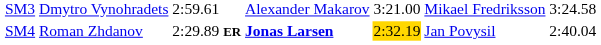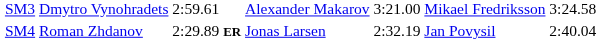 <table>
 <tr>
 <td><a href='#'>SM3</a></td>
 <td><a href='#'>Dmytro Vynohradets</a><br></td>
 <td>2:59.61</td>
 <td><a href='#'>Alexander Makarov</a><br></td>
 <td>3:21.00</td>
 <td><a href='#'>Mikael Fredriksson</a><br></td>
 <td>3:24.58</td>
 </tr>
 <tr>
 <td><a href='#'>SM4</a></td>
 <td><a href='#'>Roman Zhdanov</a><br></td>
 <td>2:29.89 <small><strong>ER</strong></small></td>
-<td><strong><a href='#'>Jonas Larsen</a><br></strong></td>
-<td style="background: gold;">2:32.19</td>
+<td><a href='#'>Jonas Larsen</a><br></td>
+<td>2:32.19</td>
 <td><a href='#'>Jan Povysil</a><br></td>
 <td>2:40.04</td>
 </tr>
 </table>
